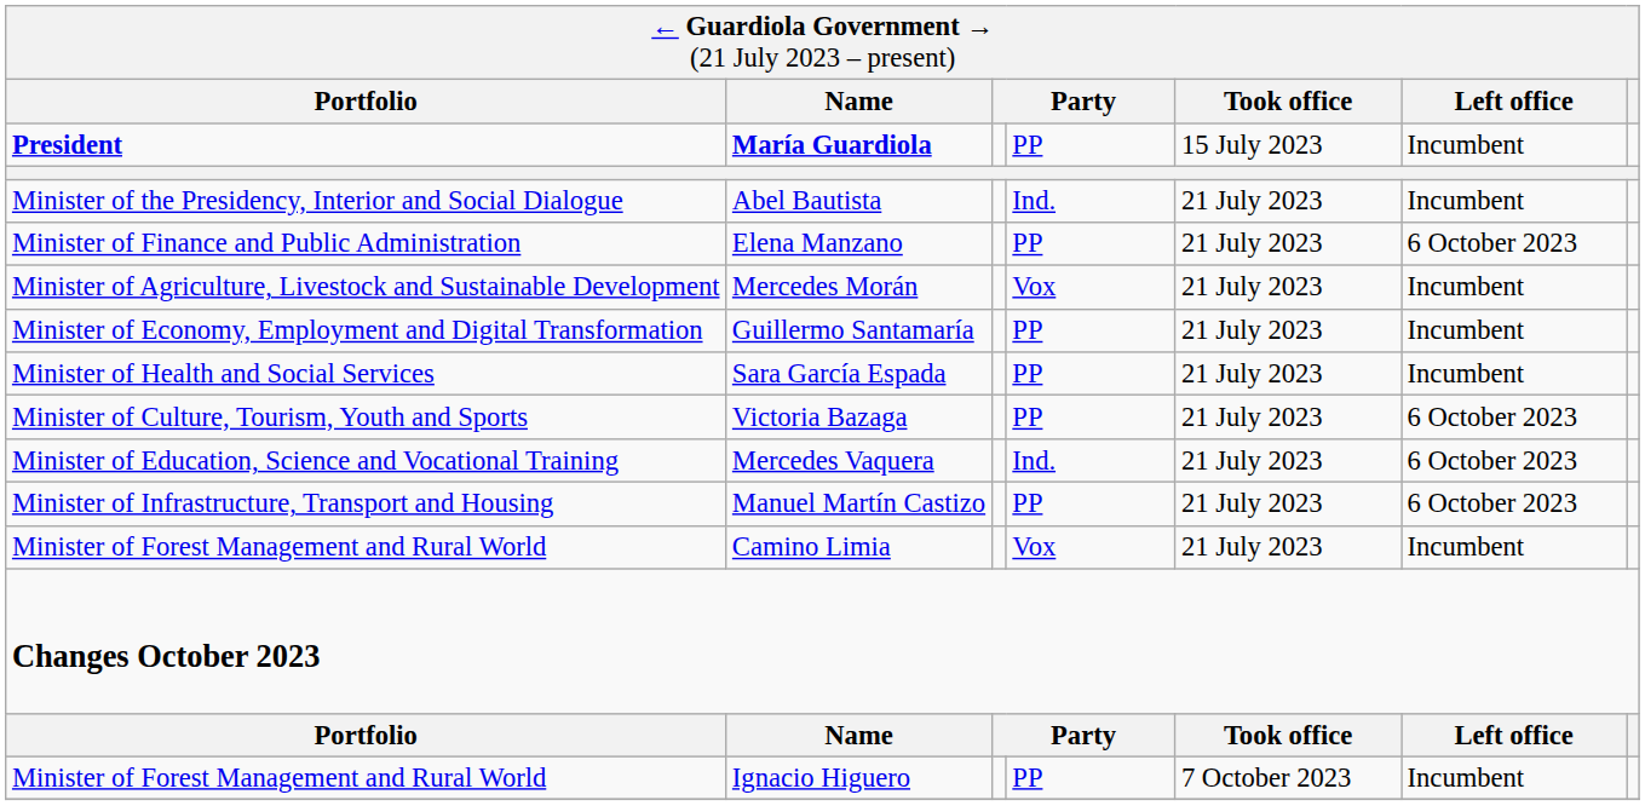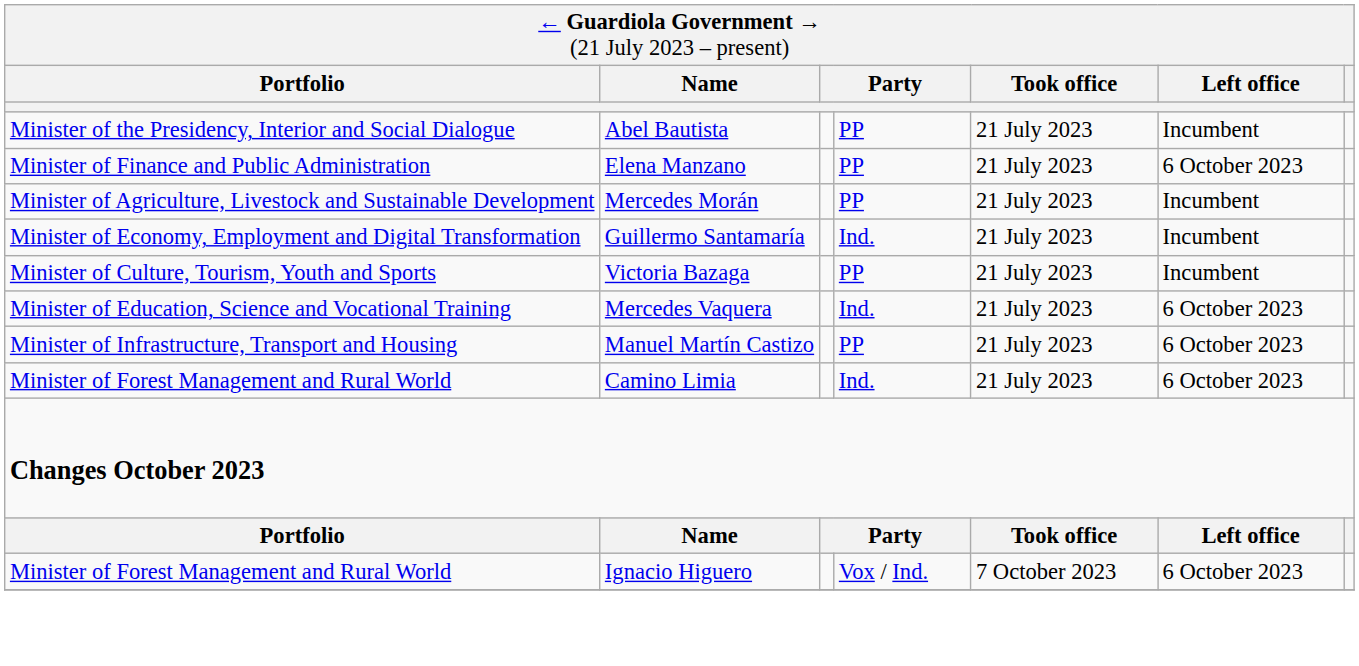 <table class="wikitable">
 <tr>
 <td colspan="7" bgcolor="#F2F2F2" align="center"><a href='#'>←</a> <strong>Guardiola Government</strong> →<br>(21 July 2023 – present)</td>
 </tr>
 <tr>
 <th>Portfolio</th>
 <th>Name</th>
 <th width="100px" colspan="2">Party</th>
 <th width="125px">Took office</th>
 <th width="125px">Left office</th>
 <th></th>
 </tr>
 <tr>
-<td><strong><a href='#'>President</a></strong></td>
-<td><strong><a href='#'>María Guardiola</a></strong></td>
-<td width="1" style="background-color:"></td>
-<td><a href='#'>PP</a></td>
-<td>15 July 2023</td>
-<td>Incumbent</td>
-<td align="center"></td>
-</tr>
-<tr>
 <th colspan="7"></th>
 </tr>
 <tr>
 <td><a href='#'>Minister of the Presidency, Interior and Social Dialogue</a></td>
 <td><a href='#'>Abel Bautista</a></td>
 <td style="background-color:"></td>
-<td><a href='#'>Ind.</a></td>
+<td><a href='#'>PP</a></td>
 <td>21 July 2023</td>
 <td>Incumbent</td>
 <td align="center"></td>
 </tr>
 <tr>
 <td><a href='#'>Minister of Finance and Public Administration</a></td>
 <td><a href='#'>Elena Manzano</a></td>
 <td style="background-color:"></td>
 <td><a href='#'>PP</a></td>
 <td>21 July 2023</td>
 <td>6 October 2023</td>
 <td align="center"></td>
 </tr>
 <tr>
 <td><a href='#'>Minister of Agriculture, Livestock and Sustainable Development</a></td>
 <td><a href='#'>Mercedes Morán</a></td>
 <td style="background-color:"></td>
-<td><a href='#'>Vox</a></td>
+<td><a href='#'>PP</a></td>
 <td>21 July 2023</td>
 <td>Incumbent</td>
 <td align="center"></td>
 </tr>
 <tr>
 <td><a href='#'>Minister of Economy, Employment and Digital Transformation</a></td>
 <td><a href='#'>Guillermo Santamaría</a></td>
 <td style="background-color:"></td>
-<td><a href='#'>PP</a></td>
-<td>21 July 2023</td>
-<td>Incumbent</td>
-<td align="center"></td>
-</tr>
-<tr>
-<td><a href='#'>Minister of Health and Social Services</a></td>
-<td><a href='#'>Sara García Espada</a></td>
-<td style="background-color:"></td>
-<td><a href='#'>PP</a></td>
+<td><a href='#'>Ind.</a></td>
 <td>21 July 2023</td>
 <td>Incumbent</td>
 <td align="center"></td>
 </tr>
 <tr>
 <td><a href='#'>Minister of Culture, Tourism, Youth and Sports</a></td>
 <td><a href='#'>Victoria Bazaga</a></td>
 <td style="background-color:"></td>
 <td><a href='#'>PP</a></td>
 <td>21 July 2023</td>
-<td>6 October 2023</td>
+<td>Incumbent</td>
 <td align="center"></td>
 </tr>
 <tr>
 <td><a href='#'>Minister of Education, Science and Vocational Training</a></td>
 <td><a href='#'>Mercedes Vaquera</a></td>
 <td style="background-color:"></td>
 <td><a href='#'>Ind.</a></td>
 <td>21 July 2023</td>
 <td>6 October 2023</td>
 <td align="center"></td>
 </tr>
 <tr>
 <td><a href='#'>Minister of Infrastructure, Transport and Housing</a></td>
 <td><a href='#'>Manuel Martín Castizo</a></td>
 <td style="background-color:"></td>
 <td><a href='#'>PP</a></td>
 <td>21 July 2023</td>
 <td>6 October 2023</td>
 <td align="center"></td>
 </tr>
 <tr>
 <td><a href='#'>Minister of Forest Management and Rural World</a></td>
 <td><a href='#'>Camino Limia</a></td>
 <td style="background-color:"></td>
-<td><a href='#'>Vox</a></td>
+<td><a href='#'>Ind.</a></td>
 <td>21 July 2023</td>
-<td>Incumbent</td>
+<td>6 October 2023</td>
 <td align="center"></td>
 </tr>
 <tr>
 <td colspan="7"><br><h3>Changes October 2023</h3></td>
 </tr>
 <tr>
 <th>Portfolio</th>
 <th>Name</th>
 <th colspan="2">Party</th>
 <th>Took office</th>
 <th>Left office</th>
 <th></th>
 </tr>
 <tr>
 <td><a href='#'>Minister of Forest Management and Rural World</a></td>
 <td><a href='#'>Ignacio Higuero</a></td>
 <td style="background-color:"></td>
-<td><a href='#'>PP</a></td>
+<td><a href='#'>Vox</a>  / <a href='#'>Ind.</a></td>
 <td>7 October 2023</td>
-<td>Incumbent</td>
+<td>6 October 2023</td>
 <td align="center"></td>
 </tr>
 <tr>
 </tr>
 </table>
